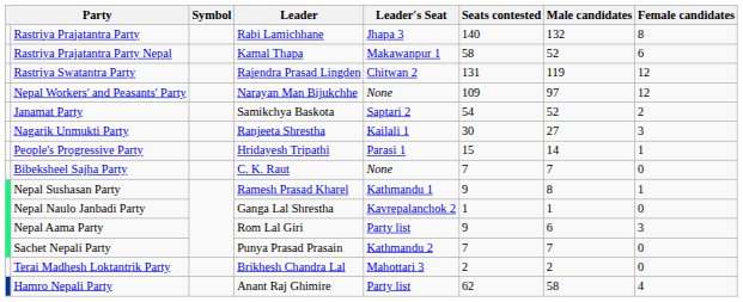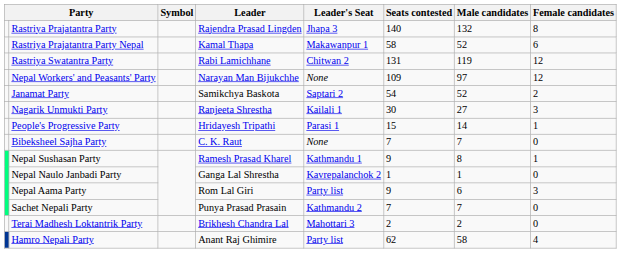 <table class="wikitable">
 <tr>
 <th colspan="2">Party</th>
 <th>Symbol</th>
 <th>Leader</th>
 <th>Leader's Seat</th>
 <th>Seats contested</th>
 <th>Male candidates</th>
 <th>Female candidates</th>
 </tr>
 <tr>
 <td></td>
 <td><a href='#'>Rastriya Prajatantra Party</a></td>
 <td></td>
-<td><a href='#'>Rabi Lamichhane</a></td>
+<td><a href='#'>Rajendra Prasad Lingden</a></td>
 <td><a href='#'>Jhapa 3</a></td>
 <td>140</td>
 <td>132</td>
 <td>8</td>
 </tr>
 <tr>
 <td></td>
 <td><a href='#'>Rastriya Prajatantra Party Nepal</a></td>
 <td></td>
 <td><a href='#'>Kamal Thapa</a></td>
 <td><a href='#'>Makawanpur 1</a></td>
 <td>58</td>
 <td>52</td>
 <td>6</td>
 </tr>
 <tr>
 <td style="text-align:center; background:"></td>
 <td><a href='#'>Rastriya Swatantra Party</a></td>
 <td></td>
-<td><a href='#'>Rajendra Prasad Lingden</a></td>
+<td><a href='#'>Rabi Lamichhane</a></td>
 <td><a href='#'>Chitwan 2</a></td>
 <td>131</td>
 <td>119</td>
 <td>12</td>
 </tr>
 <tr>
 <td style="text-align:center; background:"></td>
 <td><a href='#'>Nepal Workers' and Peasants' Party</a></td>
 <td></td>
 <td><a href='#'>Narayan Man Bijukchhe</a></td>
 <td><em>None</em></td>
 <td>109</td>
 <td>97</td>
 <td>12</td>
 </tr>
 <tr>
 <td style="text-align:center; background:"></td>
 <td><a href='#'>Janamat Party</a></td>
 <td></td>
 <td>Samikchya Baskota</td>
 <td><a href='#'>Saptari 2</a></td>
 <td>54</td>
 <td>52</td>
 <td>2</td>
 </tr>
 <tr>
 <td style="text-align:center; background:"></td>
 <td><a href='#'>Nagarik Unmukti Party</a></td>
 <td></td>
 <td><a href='#'>Ranjeeta Shrestha</a></td>
 <td><a href='#'>Kailali 1</a></td>
 <td>30</td>
 <td>27</td>
 <td>3</td>
 </tr>
 <tr>
 <td></td>
 <td><a href='#'>People's Progressive Party</a></td>
 <td></td>
 <td><a href='#'>Hridayesh Tripathi</a></td>
 <td><a href='#'>Parasi 1</a></td>
 <td>15</td>
 <td>14</td>
 <td>1</td>
 </tr>
 <tr>
 <td style="text-align:center; background:"></td>
 <td><a href='#'>Bibeksheel Sajha Party</a></td>
 <td></td>
 <td><a href='#'>C. K. Raut</a></td>
 <td><em>None</em></td>
 <td>7</td>
 <td>7</td>
 <td>0</td>
 </tr>
 <tr>
 <td rowspan="4" bgcolor="#00ff7f"></td>
 <td>Nepal Sushasan Party</td>
 <td rowspan="4"></td>
 <td><a href='#'>Ramesh Prasad Kharel</a></td>
 <td><a href='#'>Kathmandu 1</a></td>
 <td>9</td>
 <td>8</td>
 <td>1</td>
 </tr>
 <tr>
 <td>Nepal Naulo Janbadi Party</td>
 <td>Ganga Lal Shrestha</td>
 <td><a href='#'>Kavrepalanchok 2</a></td>
 <td>1</td>
 <td>1</td>
 <td>0</td>
 </tr>
 <tr>
 <td>Nepal Aama Party</td>
 <td>Rom Lal Giri</td>
 <td><a href='#'>Party list</a></td>
 <td>9</td>
 <td>6</td>
 <td>3</td>
 </tr>
 <tr>
 <td>Sachet Nepali Party</td>
 <td>Punya Prasad Prasain</td>
 <td><a href='#'>Kathmandu 2</a></td>
 <td>7</td>
 <td>7</td>
 <td>0</td>
 </tr>
 <tr>
 <td style="text-align:center; background:"></td>
 <td><a href='#'>Terai Madhesh Loktantrik Party</a></td>
 <td></td>
 <td><a href='#'>Brikhesh Chandra Lal</a></td>
 <td><a href='#'>Mahottari 3</a></td>
 <td>2</td>
 <td>2</td>
 <td>0</td>
 </tr>
 <tr>
 <td bgcolor="#003594"></td>
 <td><a href='#'>Hamro Nepali Party</a></td>
 <td></td>
 <td>Anant Raj Ghimire</td>
 <td><a href='#'>Party list</a></td>
 <td>62</td>
 <td>58</td>
 <td>4</td>
 </tr>
 </table>
